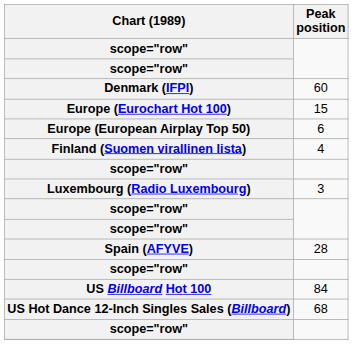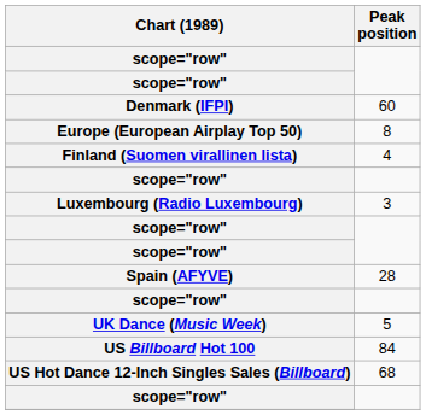 <table class="wikitable sortable plainrowheaders style="text-align:center">
 <tr>
 <th>Chart (1989)</th>
 <th>Peak<br>position</th>
 </tr>
 <tr>
 <th>scope="row"</th>
 </tr>
 <tr>
 <th>scope="row"</th>
 </tr>
 <tr>
 <th scope="row">Denmark (<a href='#'>IFPI</a>)</th>
 <td style="text-align:center;">60</td>
 </tr>
 <tr>
-<th scope="row">Europe (<a href='#'>Eurochart Hot 100</a>)</th>
-<td style="text-align:center;">15</td>
-</tr>
-<tr>
 <th scope="row">Europe (European Airplay Top 50)</th>
-<td style="text-align:center;">6</td>
+<td style="text-align:center;">8</td>
 </tr>
 <tr>
 <th scope="row">Finland (<a href='#'>Suomen virallinen lista</a>)</th>
 <td style="text-align:center;">4</td>
 </tr>
 <tr>
 <th>scope="row"</th>
 </tr>
 <tr>
 <th scope="row">Luxembourg (<a href='#'>Radio Luxembourg</a>)</th>
 <td align="center">3</td>
 </tr>
 <tr>
 <th>scope="row"</th>
 </tr>
 <tr>
 <th>scope="row"</th>
 </tr>
 <tr>
 <th scope="row">Spain (<a href='#'>AFYVE</a>)</th>
 <td style="text-align:center;">28</td>
 </tr>
 <tr>
 <th>scope="row"</th>
 </tr>
 <tr>
+<th scope="row"><a href='#'>UK Dance</a> (<em><a href='#'>Music Week</a></em>)</th>
+<td style="text-align:center;">5</td>
+</tr>
+<tr>
 <th scope="row">US <em><a href='#'>Billboard</a></em> <a href='#'>Hot 100</a></th>
 <td style="text-align:center;">84</td>
 </tr>
 <tr>
 <th scope="row">US Hot Dance 12-Inch Singles Sales (<em><a href='#'>Billboard</a></em>)</th>
 <td align="center">68</td>
 </tr>
 <tr>
 <th>scope="row"</th>
 </tr>
 <tr>
 </tr>
 </table>
